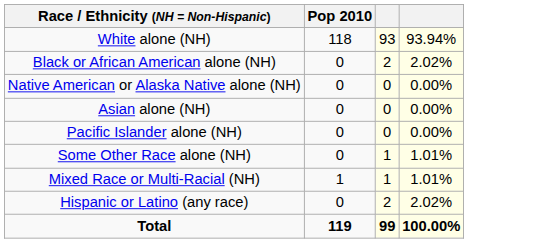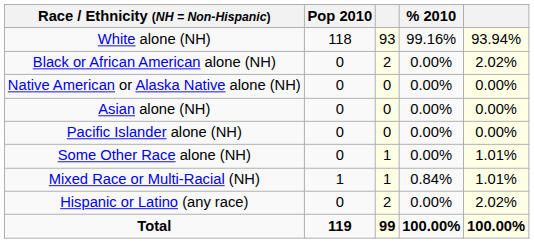 <table class="wikitable"  style="text-align:center;">
 <tr>
 <th>Race / Ethnicity <small>(<em>NH = Non-Hispanic</em>)</small></th>
 <th>Pop 2010</th>
 <th></th>
+<th>% 2010</th>
 <th></th>
 </tr>
 <tr>
 <td><a href='#'>White</a> alone (NH)</td>
 <td>118</td>
 <td style='background: #ffffe6;'>93</td>
+<td>99.16%</td>
 <td style='background: #ffffe6;'>93.94%</td>
 </tr>
 <tr>
 <td><a href='#'>Black or African American</a> alone (NH)</td>
 <td>0</td>
 <td style='background: #ffffe6;'>2</td>
+<td>0.00%</td>
 <td style='background: #ffffe6;'>2.02%</td>
 </tr>
 <tr>
 <td><a href='#'>Native American</a> or <a href='#'>Alaska Native</a> alone (NH)</td>
 <td>0</td>
 <td style='background: #ffffe6;'>0</td>
+<td>0.00%</td>
 <td style='background: #ffffe6;'>0.00%</td>
 </tr>
 <tr>
 <td><a href='#'>Asian</a> alone (NH)</td>
 <td>0</td>
 <td style='background: #ffffe6;'>0</td>
+<td>0.00%</td>
 <td style='background: #ffffe6;'>0.00%</td>
 </tr>
 <tr>
 <td><a href='#'>Pacific Islander</a> alone (NH)</td>
 <td>0</td>
 <td style='background: #ffffe6;'>0</td>
+<td>0.00%</td>
 <td style='background: #ffffe6;'>0.00%</td>
 </tr>
 <tr>
 <td><a href='#'>Some Other Race</a> alone (NH)</td>
 <td>0</td>
 <td style='background: #ffffe6;'>1</td>
+<td>0.00%</td>
 <td style='background: #ffffe6;'>1.01%</td>
 </tr>
 <tr>
 <td><a href='#'>Mixed Race or Multi-Racial</a> (NH)</td>
 <td>1</td>
 <td style='background: #ffffe6;'>1</td>
+<td>0.84%</td>
 <td style='background: #ffffe6;'>1.01%</td>
 </tr>
 <tr>
 <td><a href='#'>Hispanic or Latino</a> (any race)</td>
 <td>0</td>
 <td style='background: #ffffe6;'>2</td>
+<td>0.00%</td>
 <td style='background: #ffffe6;'>2.02%</td>
 </tr>
 <tr>
 <td><strong>Total</strong></td>
 <td><strong>119</strong></td>
 <td style='background: #ffffe6;'><strong>99</strong></td>
+<td><strong>100.00%</strong></td>
 <td style='background: #ffffe6;'><strong>100.00%</strong></td>
 </tr>
 </table>
